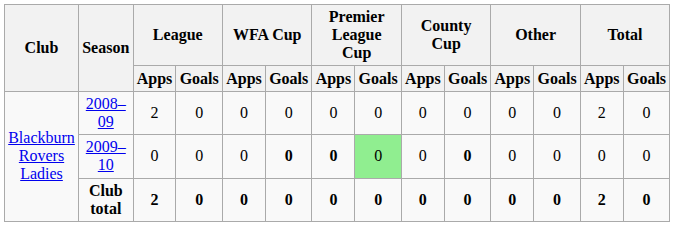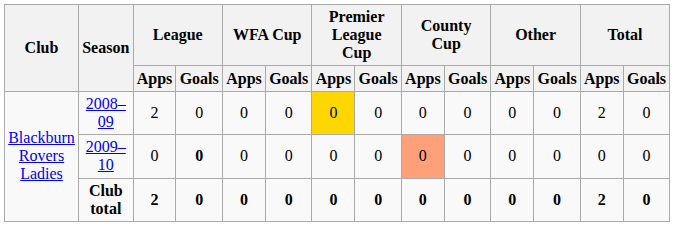 <table class="wikitable" border="1" style="text-align: center;">
 <tr>
 <th rowspan="2">Club</th>
 <th rowspan="2">Season</th>
 <th colspan="2">League</th>
 <th colspan="2">WFA Cup</th>
 <th colspan="2">Premier League Cup</th>
 <th colspan="2">County Cup</th>
 <th colspan="2">Other</th>
 <th colspan="2">Total</th>
 </tr>
 <tr>
 <th>Apps</th>
 <th>Goals</th>
 <th>Apps</th>
 <th>Goals</th>
 <th>Apps</th>
 <th>Goals</th>
 <th>Apps</th>
 <th>Goals</th>
 <th>Apps</th>
 <th>Goals</th>
 <th>Apps</th>
 <th>Goals</th>
 </tr>
 <tr>
 <td rowspan="3" valign="center"><a href='#'>Blackburn Rovers Ladies</a></td>
 <td><a href='#'>2008–09</a></td>
 <td>2</td>
 <td>0</td>
 <td>0</td>
 <td>0</td>
-<td>0</td>
+<td style="background: gold;">0</td>
 <td>0</td>
 <td>0</td>
 <td>0</td>
 <td>0</td>
 <td>0</td>
 <td>2</td>
 <td>0</td>
 </tr>
 <tr>
 <td><a href='#'>2009–10</a></td>
 <td>0</td>
+<td><strong>0</strong></td>
 <td>0</td>
 <td>0</td>
-<td><strong>0</strong></td>
-<td><strong>0</strong></td>
-<td style="background: lightgreen;">0</td>
 <td>0</td>
-<td><strong>0</strong></td>
+<td>0</td>
+<td style="background: lightsalmon;">0</td>
+<td>0</td>
 <td>0</td>
 <td>0</td>
 <td>0</td>
 <td>0</td>
 </tr>
 <tr>
 <td><strong>Club total</strong></td>
 <td><strong>2</strong></td>
 <td><strong>0</strong></td>
 <td><strong>0</strong></td>
 <td><strong>0</strong></td>
 <td><strong>0</strong></td>
 <td><strong>0</strong></td>
 <td><strong>0</strong></td>
 <td><strong>0</strong></td>
 <td><strong>0</strong></td>
 <td><strong>0</strong></td>
 <td><strong>2</strong></td>
 <td><strong>0</strong></td>
 </tr>
 </table>
